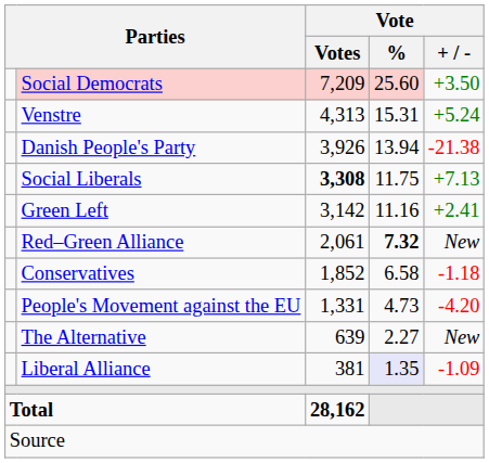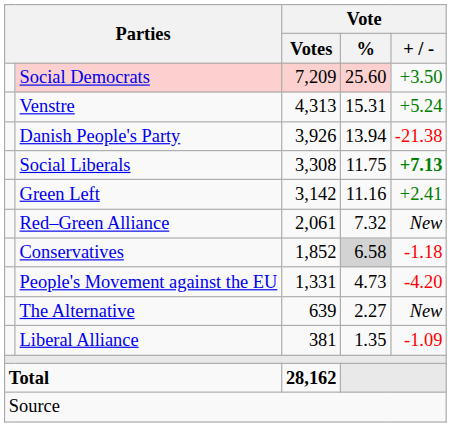 <table class="wikitable" style="text-align:right;">
 <tr>
 <th style="text-align:centre;" rowspan="2" colspan="2" width="225">Parties</th>
 <th colspan="3">Vote</th>
 </tr>
 <tr>
 <th width="15">Votes</th>
 <th width="15">%</th>
 <th width="15">+ / -</th>
 </tr>
 <tr>
 <td width="2" style="color:inherit;background:"></td>
 <td bgcolor=#fbd0ce   align="left"><a href='#'>Social Democrats</a></td>
 <td bgcolor=#fbd0ce>7,209</td>
 <td bgcolor=#fbd0ce>25.60</td>
 <td style=color:green;>+3.50</td>
 </tr>
 <tr>
 <td width="2" style="color:inherit;background:"></td>
 <td align="left"><a href='#'>Venstre</a></td>
 <td>4,313</td>
 <td>15.31</td>
 <td style=color:green;>+5.24</td>
 </tr>
 <tr>
 <td width="2" style="color:inherit;background:"></td>
 <td align="left"><a href='#'>Danish People's Party</a></td>
 <td>3,926</td>
 <td>13.94</td>
 <td style=color:red;>-21.38</td>
 </tr>
 <tr>
 <td width="2" style="color:inherit;background:"></td>
 <td align="left"><a href='#'>Social Liberals</a></td>
-<td><strong>3,308</strong></td>
+<td>3,308</td>
 <td>11.75</td>
-<td style=color:green;>+7.13</td>
+<td style=color:green;><strong>+7.13</strong></td>
 </tr>
 <tr>
 <td width="2" style="color:inherit;background:"></td>
 <td align="left"><a href='#'>Green Left</a></td>
 <td>3,142</td>
 <td>11.16</td>
 <td style=color:green;>+2.41</td>
 </tr>
 <tr>
 <td width="2" style="color:inherit;background:"></td>
 <td align="left"><a href='#'>Red–Green Alliance</a></td>
 <td>2,061</td>
-<td><strong>7.32</strong></td>
+<td>7.32</td>
 <td><em>New</em></td>
 </tr>
 <tr>
 <td width="2" style="color:inherit;background:"></td>
 <td align="left"><a href='#'>Conservatives</a></td>
 <td>1,852</td>
-<td>6.58</td>
+<td style="background: lightgrey;">6.58</td>
 <td style=color:red;>-1.18</td>
 </tr>
 <tr>
 <td width="2" style="color:inherit;background:"></td>
 <td align="left"><a href='#'>People's Movement against the EU</a></td>
 <td>1,331</td>
 <td>4.73</td>
 <td style=color:red;>-4.20</td>
 </tr>
 <tr>
 <td width="2" style="color:inherit;background:"></td>
 <td align="left"><a href='#'>The Alternative</a></td>
 <td>639</td>
 <td>2.27</td>
 <td><em>New</em></td>
 </tr>
 <tr>
 <td width="2" style="color:inherit;background:"></td>
 <td align="left"><a href='#'>Liberal Alliance</a></td>
 <td>381</td>
-<td style="background: lavender;">1.35</td>
+<td>1.35</td>
 <td style=color:red;>-1.09</td>
 </tr>
 <tr>
 <td colspan="7" bgcolor="#E9E9E9"></td>
 </tr>
 <tr>
 <td align="left" colspan="2"><strong>Total</strong></td>
 <td><strong>28,162</strong></td>
 <td bgcolor="#E9E9E9" colspan="2"></td>
 </tr>
 <tr>
 <td align="left" colspan="6">Source</td>
 </tr>
 </table>
